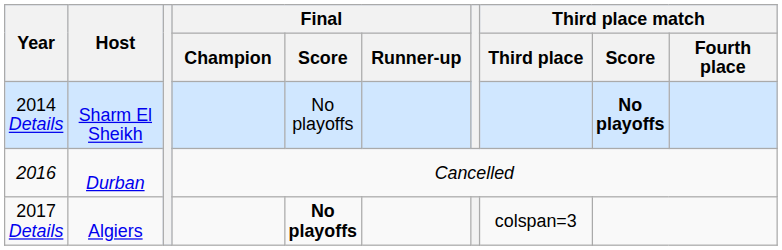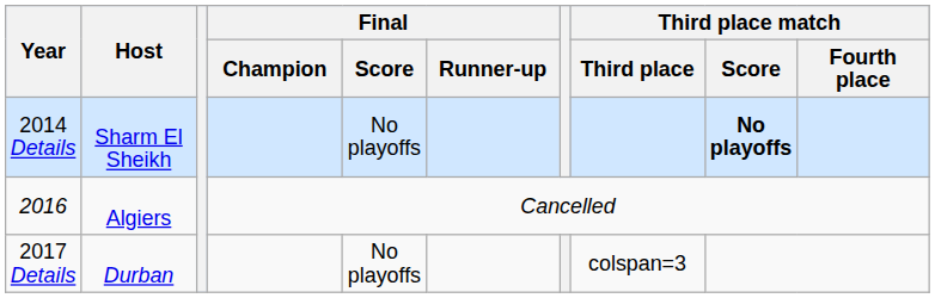 <table class="wikitable" style="font-size:90%; width: 100%; text-align: center;">
 <tr bgcolor=#C1D8FF>
 <th rowspan=2 width=5%>Year</th>
 <th rowspan=2 width=13%>Host</th>
 <th width=1% rowspan=5 bgcolor=ffffff></th>
 <th colspan=3>Final</th>
 <th width=1% rowspan=3 bgcolor=ffffff></th>
 <th colspan=3>Third place match</th>
 </tr>
 <tr bgcolor=#EFEFEF>
 <th width=15%>Champion</th>
 <th width=9%>Score</th>
 <th width=15%>Runner-up</th>
 <th width=15%>Third place</th>
 <th width=9%>Score</th>
 <th width=15%>Fourth place</th>
 </tr>
 <tr bgcolor=#D0E7FF>
 <td>2014<br><em><a href='#'>Details</a></em></td>
 <td><br><a href='#'>Sharm El Sheikh</a></td>
 <td><strong></strong></td>
 <td><span>No playoffs</span></td>
 <td></td>
 <td></td>
 <td><strong><span>No playoffs</span></strong></td>
 <td></td>
 </tr>
 <tr>
 <td><em>2016</em></td>
-<td><br><em><a href='#'>Durban</a></em></td>
+<td><br><a href='#'>Algiers</a></td>
 <td colspan=7><em>Cancelled</em></td>
 </tr>
 <tr>
 <td>2017<br><em><a href='#'>Details</a></em></td>
-<td><br><a href='#'>Algiers</a></td>
+<td><br><em><a href='#'>Durban</a></em></td>
 <td><strong></strong></td>
-<td><strong><span>No playoffs</span></strong></td>
+<td><span>No playoffs</span></td>
 <td></td>
 <th width=1% rowspan=1 bgcolor=ffffff></th>
 <td>colspan=3 </td>
 </tr>
 </table>
